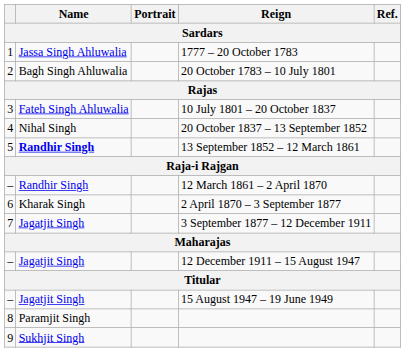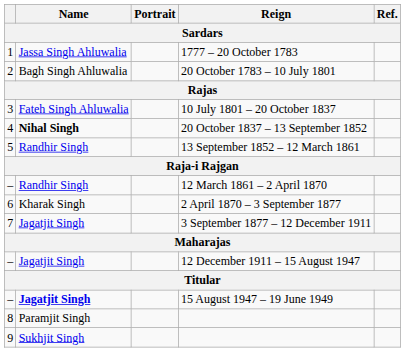 <table class="wikitable">
 <tr>
 <th></th>
 <th>Name<br></th>
 <th>Portrait</th>
 <th class="unsortable">Reign</th>
 <th>Ref.</th>
 </tr>
 <tr>
 <th colspan="5"><strong>Sardars</strong></th>
 </tr>
 <tr>
 <td>1</td>
 <td><a href='#'>Jassa Singh Ahluwalia</a><br></td>
 <td></td>
 <td>1777 – 20 October 1783</td>
 <td></td>
 </tr>
 <tr>
 <td>2</td>
 <td>Bagh Singh Ahluwalia<br></td>
 <td></td>
 <td>20 October 1783 – 10 July 1801</td>
 <td></td>
 </tr>
 <tr>
 <th colspan="5">Rajas</th>
 </tr>
 <tr>
 <td>3</td>
 <td><a href='#'>Fateh Singh Ahluwalia</a><br></td>
 <td></td>
 <td>10 July 1801 – 20 October 1837</td>
 <td></td>
 </tr>
 <tr>
 <td>4</td>
-<td>Nihal Singh<br></td>
+<td><strong>Nihal Singh<br></strong></td>
 <td></td>
 <td>20 October 1837 – 13 September 1852</td>
 <td></td>
 </tr>
 <tr>
 <td>5</td>
-<td><strong><a href='#'>Randhir Singh</a><br></strong></td>
+<td><a href='#'>Randhir Singh</a><br></td>
 <td></td>
 <td>13 September 1852 – 12 March 1861</td>
 <td></td>
 </tr>
 <tr>
 <th colspan="5">Raja-i Rajgan</th>
 </tr>
 <tr>
 <td>–</td>
 <td><a href='#'>Randhir Singh</a><br></td>
 <td></td>
 <td>12 March 1861 – 2 April 1870</td>
 <td></td>
 </tr>
 <tr>
 <td>6</td>
 <td>Kharak Singh<br></td>
 <td></td>
 <td>2 April 1870 –  3 September 1877</td>
 <td></td>
 </tr>
 <tr>
 <td>7</td>
 <td><a href='#'>Jagatjit Singh</a><br></td>
 <td></td>
 <td>3 September 1877 – 12 December 1911</td>
 <td></td>
 </tr>
 <tr>
 <th colspan="5">Maharajas</th>
 </tr>
 <tr>
 <td>–</td>
 <td><a href='#'>Jagatjit Singh</a><br></td>
 <td></td>
 <td>12 December 1911 – 15 August 1947</td>
 <td></td>
 </tr>
 <tr>
 <th colspan="5">Titular</th>
 </tr>
 <tr>
 <td>–</td>
-<td><a href='#'>Jagatjit Singh</a><br></td>
+<td><strong><a href='#'>Jagatjit Singh</a><br></strong></td>
 <td></td>
 <td>15 August 1947 – 19 June 1949</td>
 <td></td>
 </tr>
 <tr>
 <td>8</td>
 <td>Paramjit Singh</td>
 <td></td>
 <td></td>
 <td></td>
 </tr>
 <tr>
 <td>9</td>
 <td><a href='#'>Sukhjit Singh</a></td>
 <td></td>
 <td></td>
 <td></td>
 </tr>
 </table>
